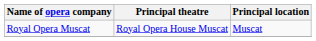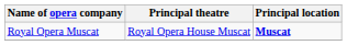 <table class="wikitable">
 <tr>
 <th>Name of <a href='#'>opera</a> company</th>
 <th>Principal theatre</th>
 <th>Principal location</th>
 </tr>
 <tr>
 <td><a href='#'>Royal Opera Muscat</a></td>
 <td><a href='#'>Royal Opera House Muscat</a></td>
-<td><a href='#'>Muscat</a></td>
+<td><strong><a href='#'>Muscat</a></strong></td>
 </tr>
 <tr>
 </tr>
 </table>
